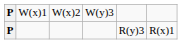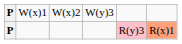 <table border="1" class="wikitable">
 <tr>
 <th>P</th>
 <td>W(x)1</td>
 <td>W(x)2</td>
 <td>W(y)3</td>
 <td></td>
 <td></td>
 </tr>
 <tr>
 <th>P</th>
 <td></td>
 <td></td>
 <td></td>
-<td>R(y)3</td>
-<td>R(x)1</td>
+<td style="background: pink;">R(y)3</td>
+<td style="background: lightsalmon;">R(x)1</td>
 </tr>
 </table>
